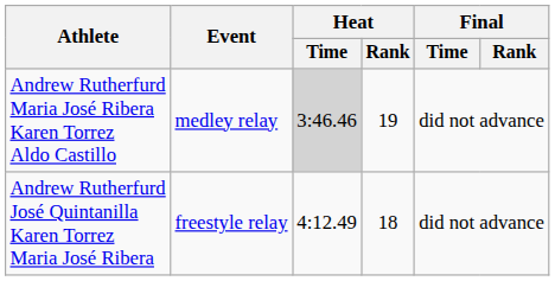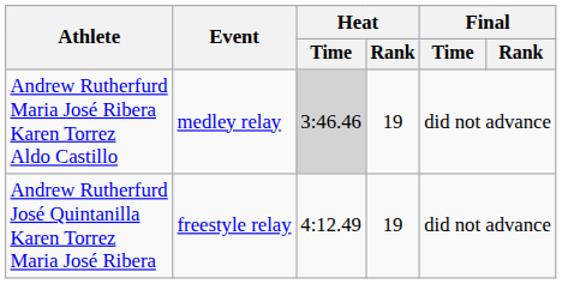 <table class=wikitable style="font-size:90%">
 <tr>
 <th rowspan="2">Athlete</th>
 <th rowspan="2">Event</th>
 <th colspan="2">Heat</th>
 <th colspan="2">Final</th>
 </tr>
 <tr style="font-size:95%">
 <th>Time</th>
 <th>Rank</th>
 <th>Time</th>
 <th>Rank</th>
 </tr>
 <tr align=center>
 <td align=left><a href='#'>Andrew Rutherfurd</a><br><a href='#'>Maria José Ribera</a><br><a href='#'>Karen Torrez</a><br><a href='#'>Aldo Castillo</a></td>
 <td align=left><a href='#'> medley relay</a></td>
 <td style="background: lightgrey;">3:46.46</td>
 <td>19</td>
 <td colspan=2>did not advance</td>
 </tr>
 <tr align=center>
 <td align=left><a href='#'>Andrew Rutherfurd</a><br><a href='#'>José Quintanilla</a><br><a href='#'>Karen Torrez</a><br><a href='#'>Maria José Ribera</a></td>
 <td align=left><a href='#'> freestyle relay</a></td>
 <td>4:12.49</td>
-<td>18</td>
+<td>19</td>
 <td colspan=2>did not advance</td>
 </tr>
 </table>
